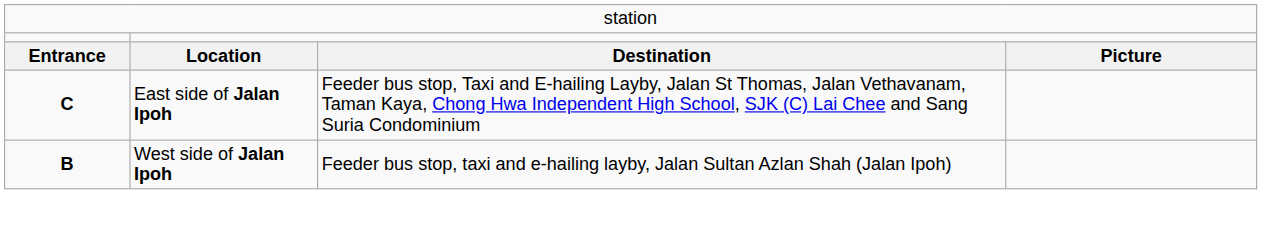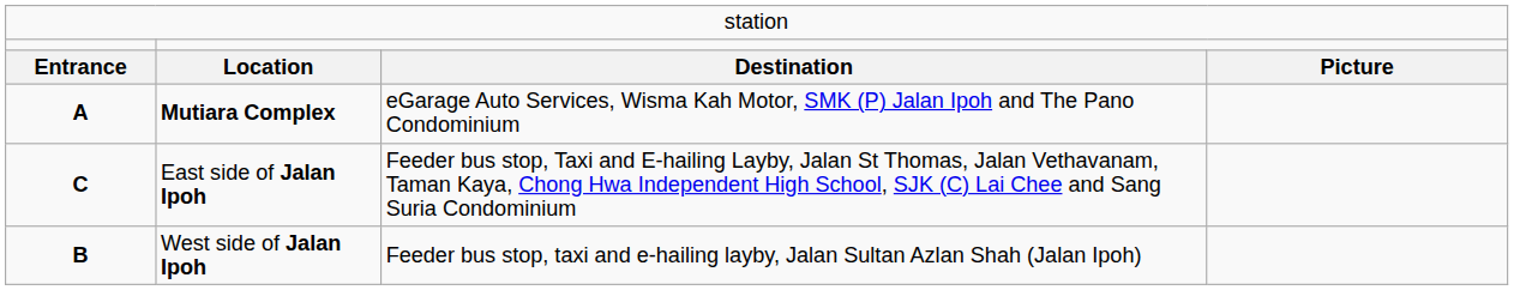 <table class="wikitable" style="width:70%">
 <tr>
 <td colspan="4" align="center"> station</td>
 </tr>
 <tr>
 <td></td>
 </tr>
 <tr>
 <th style="width:10%">Entrance</th>
 <th style="width:15%">Location</th>
 <th style="width:55%">Destination</th>
 <th style="width:20%">Picture</th>
 </tr>
 <tr>
+<td align="center"><strong><span>A</span></strong></td>
+<td><strong>Mutiara Complex</strong></td>
+<td>eGarage Auto Services, Wisma Kah Motor, <a href='#'>SMK (P) Jalan Ipoh</a> and The Pano Condominium</td>
+<td></td>
+</tr>
+<tr>
 <td align="center"><strong><span>C</span></strong></td>
 <td>East side of <strong>Jalan Ipoh</strong></td>
 <td>Feeder bus stop, Taxi and E-hailing Layby, Jalan St Thomas, Jalan Vethavanam, Taman Kaya, <a href='#'>Chong Hwa Independent High School</a>, <a href='#'>SJK (C) Lai Chee</a> and Sang Suria Condominium</td>
 <td></td>
 </tr>
 <tr>
 <td align="center"><strong><span>B</span></strong></td>
 <td>West side of <strong>Jalan Ipoh</strong></td>
 <td>Feeder bus stop, taxi and e-hailing layby, Jalan Sultan Azlan Shah (Jalan Ipoh)</td>
 <td></td>
 </tr>
 </table>
